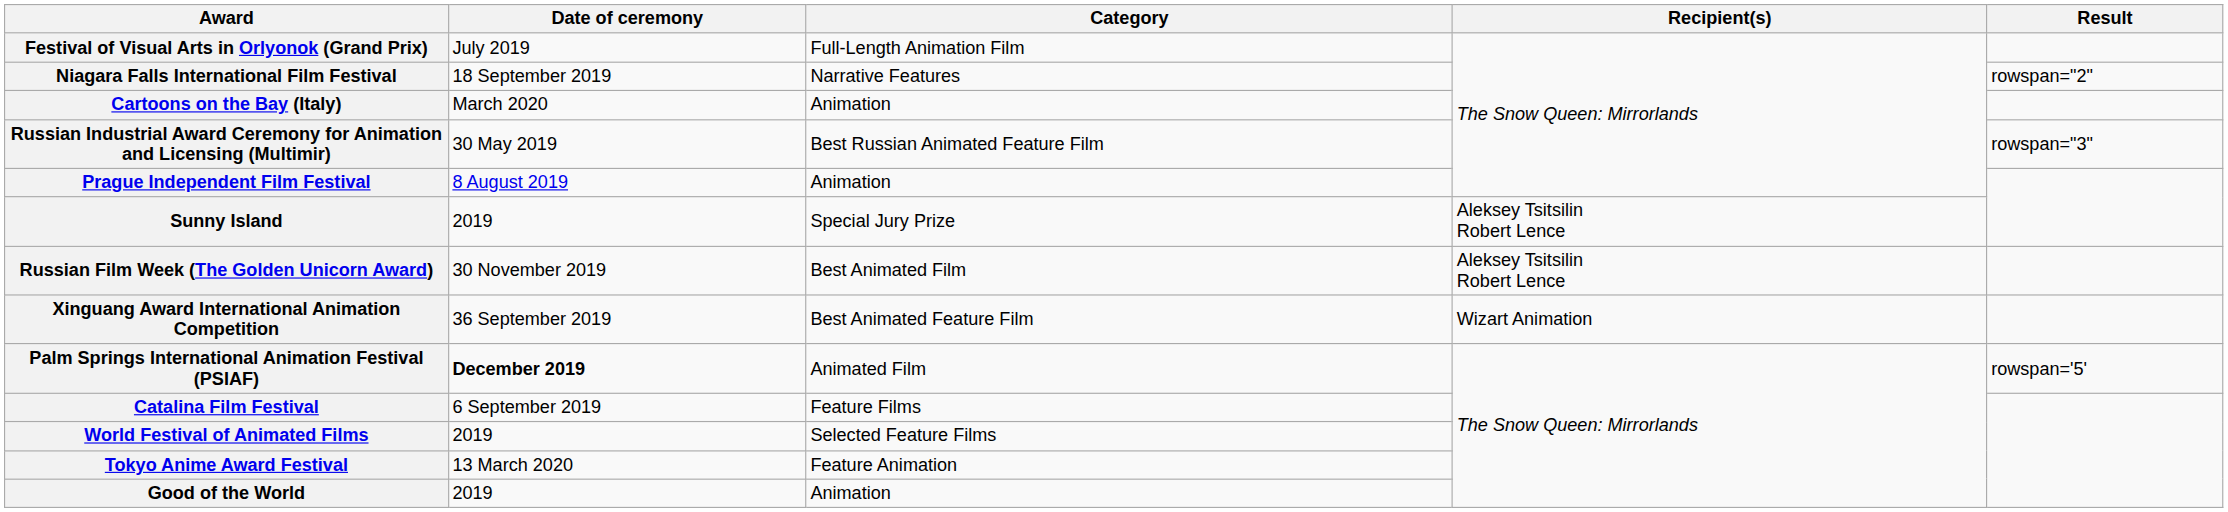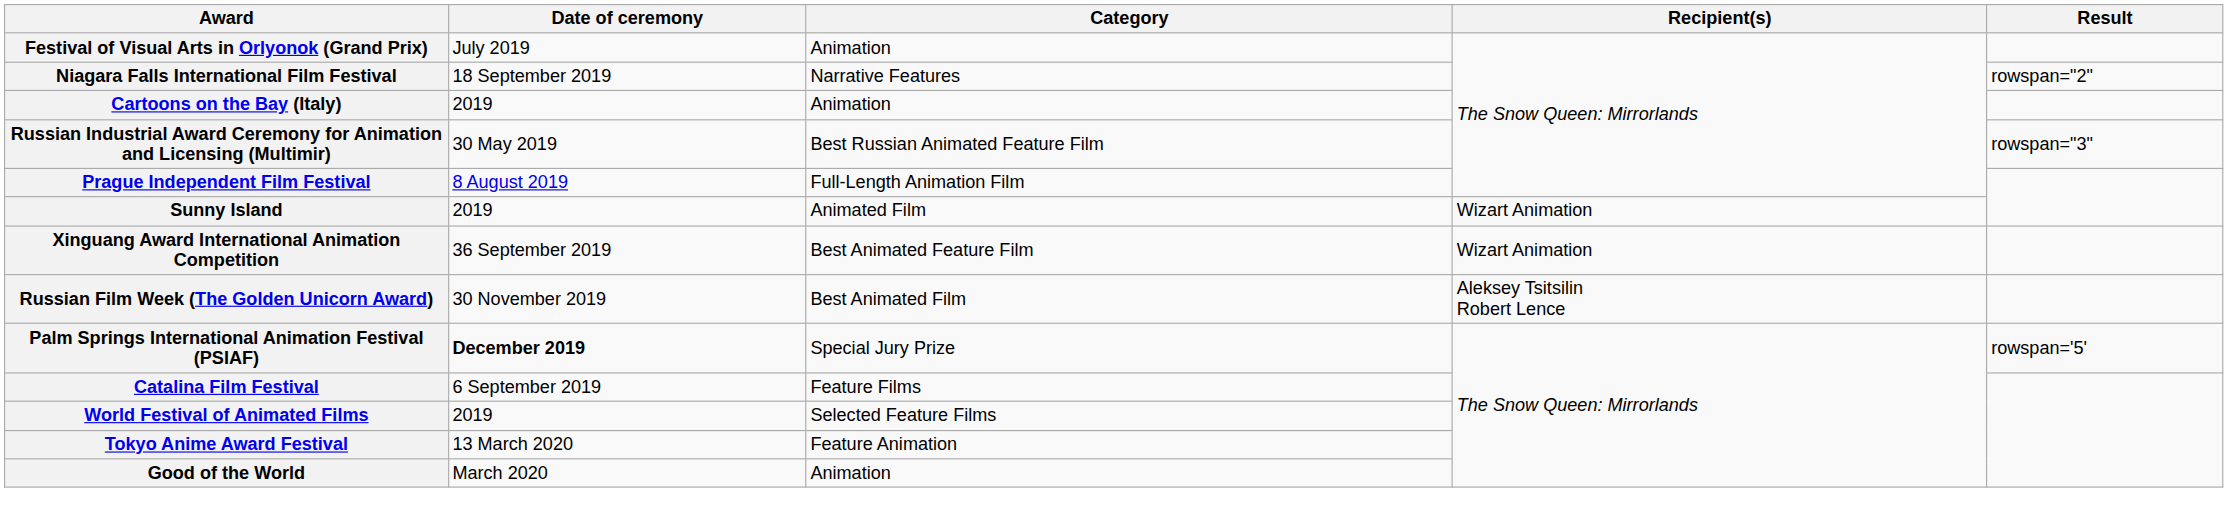 <table class="wikitable sortable plainrowheaders" style="width: 99%">
 <tr>
 <th scope="col" style="width:20%;">Award</th>
 <th scope="col">Date of ceremony</th>
 <th scope="col">Category</th>
 <th scope="col">Recipient(s)</th>
 <th scope="col">Result</th>
 </tr>
 <tr>
 <th scope="row" style="text-align:center;">Festival of Visual Arts in <a href='#'>Orlyonok</a> (Grand Prix)</th>
 <td>July 2019</td>
-<td>Full-Length Animation Film</td>
+<td>Animation</td>
 <td rowspan="5"><em>The Snow Queen: Mirrorlands</em></td>
 <td></td>
 </tr>
 <tr>
 <th scope="row" style="text-align:center;">Niagara Falls International Film Festival</th>
 <td>18 September 2019</td>
 <td>Narrative Features</td>
 <td>rowspan="2"</td>
 </tr>
 <tr>
 <th scope="row" style="text-align:center;"><a href='#'>Cartoons on the Bay</a> (Italy)</th>
-<td>March 2020</td>
+<td>2019</td>
 <td>Animation</td>
 </tr>
 <tr>
 <th scope="row" style="text-align:center;">Russian Industrial Award Ceremony for Animation and Licensing (Multimir)</th>
 <td>30 May 2019</td>
 <td>Best Russian Animated Feature Film</td>
 <td>rowspan="3" </td>
 </tr>
 <tr>
 <th scope="row" style="text-align:center;"><a href='#'>Prague Independent Film Festival</a></th>
 <td><a href='#'>8 August 2019</a></td>
-<td>Animation</td>
+<td>Full-Length Animation Film</td>
 </tr>
 <tr>
 <th scope="row" style="text-align:center;">Sunny Island</th>
 <td>2019</td>
-<td>Special Jury Prize</td>
-<td>Aleksey Tsitsilin<br>Robert Lence</td>
+<td>Animated Film</td>
+<td>Wizart Animation</td>
+</tr>
+<tr>
+<th scope="row" style="text-align:center;">Xinguang Award International Animation Competition</th>
+<td>36 September 2019</td>
+<td>Best Animated Feature Film</td>
+<td>Wizart Animation</td>
+<td></td>
 </tr>
 <tr>
 <th scope="row" style="text-align:center;">Russian Film Week (<a href='#'>The Golden Unicorn Award</a>)</th>
 <td>30 November 2019</td>
 <td>Best Animated Film</td>
 <td>Aleksey Tsitsilin<br>Robert Lence</td>
 <td></td>
 </tr>
 <tr>
-<th scope="row" style="text-align:center;">Xinguang Award International Animation Competition</th>
-<td>36 September 2019</td>
-<td>Best Animated Feature Film</td>
-<td>Wizart Animation</td>
-<td></td>
-</tr>
-<tr>
 <th scope="row" style="text-align:center;">Palm Springs International Animation Festival (PSIAF)</th>
 <td><strong>December 2019</strong></td>
-<td>Animated Film</td>
+<td>Special Jury Prize</td>
 <td rowspan='5'><em>The Snow Queen: Mirrorlands</em></td>
 <td>rowspan='5'</td>
 </tr>
 <tr>
 <th scope="row" style="text-align:center;"><a href='#'>Catalina Film Festival</a></th>
 <td>6 September 2019</td>
 <td>Feature Films</td>
 </tr>
 <tr>
 <th scope="row" style="text-align:center;"><a href='#'>World Festival of Animated Films</a></th>
 <td>2019</td>
 <td>Selected Feature Films</td>
 </tr>
 <tr>
 <th scope="row" style="text-align:center;"><a href='#'>Tokyo Anime Award Festival</a></th>
 <td>13 March 2020</td>
 <td>Feature Animation</td>
 </tr>
 <tr>
 <th scope="row" style="text-align:center;">Good of the World</th>
-<td>2019</td>
+<td>March 2020</td>
 <td>Animation</td>
 </tr>
 </table>
